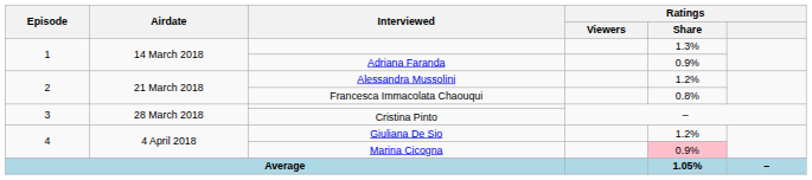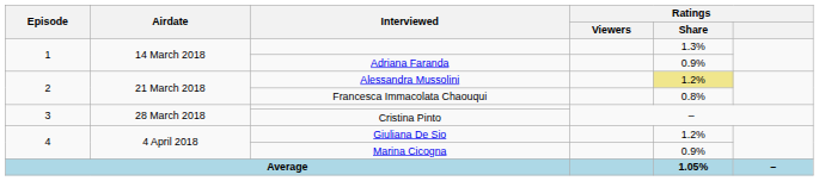 <table class="wikitable" style="font-size:90%; width:70%; text-align:center">
 <tr>
 <th rowspan="2" style="width:5%;">Episode</th>
 <th rowspan="2" style="width:10%;">Airdate</th>
 <th rowspan="2" style="width:20%;">Interviewed</th>
 <th colspan="3">Ratings</th>
 </tr>
 <tr>
 <th style="width:5%;">Viewers</th>
 <th style="width:5%;">Share</th>
 <th style="width:5%;"></th>
 </tr>
 <tr>
 <td rowspan="2">1</td>
 <td rowspan="2">14 March 2018</td>
 <td></td>
 <td></td>
 <td>1.3%</td>
 <td rowspan="2"></td>
 </tr>
 <tr>
 <td><a href='#'>Adriana Faranda</a></td>
 <td></td>
 <td>0.9%</td>
 </tr>
 <tr>
 <td rowspan="2">2</td>
 <td rowspan="2">21 March 2018</td>
 <td><a href='#'>Alessandra Mussolini</a></td>
 <td></td>
-<td>1.2%</td>
+<td style="background: khaki;">1.2%</td>
 <td rowspan="2"></td>
 </tr>
 <tr>
 <td>Francesca Immacolata Chaouqui</td>
 <td></td>
 <td>0.8%</td>
 </tr>
 <tr>
 <td rowspan="2">3</td>
 <td rowspan="2">28 March 2018</td>
 <td></td>
 <td rowspan="2" colspan="3">–</td>
 </tr>
 <tr>
 <td>Cristina Pinto</td>
 </tr>
 <tr>
 <td rowspan="2">4</td>
 <td rowspan="2">4 April 2018</td>
 <td><a href='#'>Giuliana De Sio</a></td>
 <td></td>
 <td>1.2%</td>
 <td rowspan="2"></td>
 </tr>
 <tr>
 <td><a href='#'>Marina Cicogna</a></td>
 <td></td>
-<td style="background: pink;">0.9%</td>
+<td>0.9%</td>
 </tr>
 <tr>
 <td colspan="3" style="background:lightblue"><strong>Average</strong></td>
 <td style="background:lightblue"><strong></strong></td>
 <td style="background:lightblue"><strong>1.05%</strong></td>
 <td style="background:lightblue"><strong>–</strong></td>
 </tr>
 </table>
